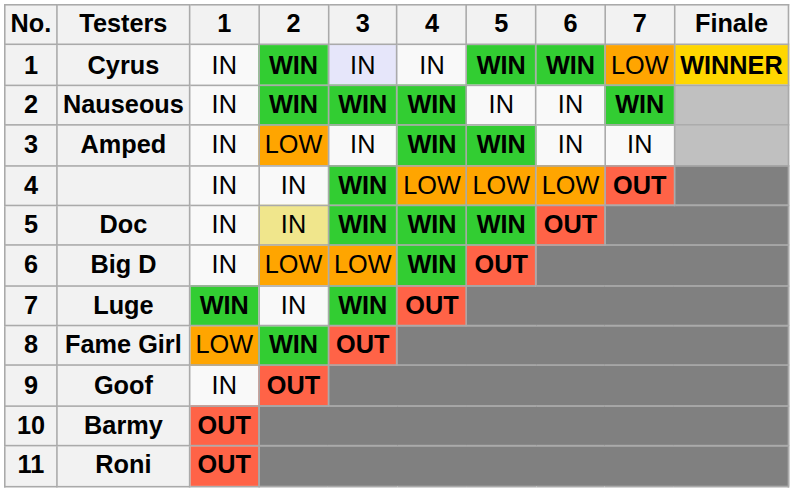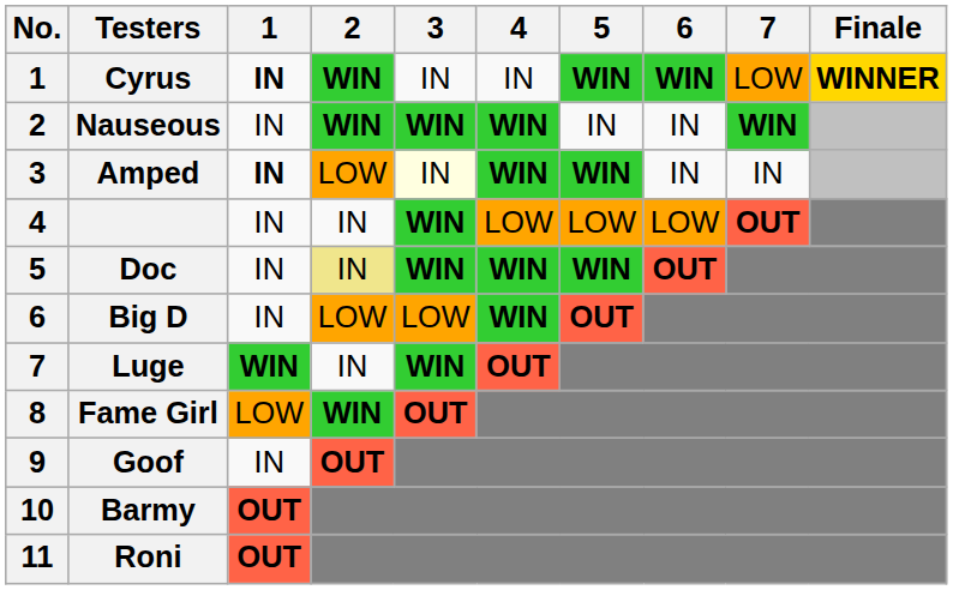 <table class="wikitable" style="text-align:center" align="center">
 <tr>
 <th>No.</th>
 <th>Testers</th>
 <th>1</th>
 <th>2</th>
 <th>3</th>
 <th>4</th>
 <th>5</th>
 <th>6</th>
 <th>7</th>
 <th>Finale</th>
 </tr>
 <tr>
 <th>1</th>
 <th>Cyrus</th>
+<td><strong>IN</strong></td>
+<td style="background:limegreen;"><strong>WIN</strong></td>
 <td>IN</td>
-<td style="background:limegreen;"><strong>WIN</strong></td>
-<td style="background: lavender;">IN</td>
 <td>IN</td>
 <td style="background:limegreen;"><strong>WIN</strong></td>
 <td style="background:limegreen;"><strong>WIN</strong></td>
 <td style="background:orange;">LOW</td>
 <td style="background:gold;"><strong>WINNER</strong></td>
 </tr>
 <tr>
 <th>2</th>
 <th>Nauseous</th>
 <td>IN</td>
 <td style="background:limegreen;"><strong>WIN</strong></td>
 <td style="background:limegreen;"><strong>WIN</strong></td>
 <td style="background:limegreen;"><strong>WIN</strong></td>
 <td>IN</td>
 <td>IN</td>
 <td style="background:limegreen;"><strong>WIN</strong></td>
 <td style="background:silver;"><strong></strong></td>
 </tr>
 <tr>
 <th>3</th>
 <th>Amped</th>
-<td>IN</td>
+<td><strong>IN</strong></td>
 <td style="background:orange;">LOW</td>
-<td>IN</td>
+<td style="background: lightyellow;">IN</td>
 <td style="background:limegreen;"><strong>WIN</strong></td>
 <td style="background:limegreen;"><strong>WIN</strong></td>
 <td>IN</td>
 <td>IN</td>
 <td style="background:silver;"><strong></strong></td>
 </tr>
 <tr>
 <th>4</th>
 <th></th>
 <td>IN</td>
 <td>IN</td>
 <td style="background:limegreen;"><strong>WIN</strong></td>
 <td style="background:orange;">LOW</td>
 <td style="background:orange;">LOW</td>
 <td style="background:orange;">LOW</td>
 <td style="background:tomato;"><strong>OUT</strong></td>
 <td colspan="2" style="background:gray;"></td>
 </tr>
 <tr>
 <th>5</th>
 <th>Doc</th>
 <td>IN</td>
 <td style="background: khaki;">IN</td>
 <td style="background:limegreen;"><strong>WIN</strong></td>
 <td style="background:limegreen;"><strong>WIN</strong></td>
 <td style="background:limegreen;"><strong>WIN</strong></td>
 <td style="background:tomato;"><strong>OUT</strong></td>
 <td colspan="3" style="background:gray;"></td>
 </tr>
 <tr>
 <th>6</th>
 <th>Big D</th>
 <td>IN</td>
 <td style="background:orange;">LOW</td>
 <td style="background:orange;">LOW</td>
 <td style="background:limegreen;"><strong>WIN</strong></td>
 <td style="background:tomato;"><strong>OUT</strong></td>
 <td colspan="4" style="background:gray;"></td>
 </tr>
 <tr>
 <th>7</th>
 <th>Luge</th>
 <td style="background:limegreen;"><strong>WIN</strong></td>
 <td>IN</td>
 <td style="background:limegreen;"><strong>WIN</strong></td>
 <td style="background:tomato;"><strong>OUT</strong></td>
 <td colspan="5" style="background:gray;"></td>
 </tr>
 <tr>
 <th>8</th>
 <th>Fame Girl</th>
 <td style="background:orange;">LOW</td>
 <td style="background:limegreen;"><strong>WIN</strong></td>
 <td style="background:tomato;"><strong>OUT</strong></td>
 <td colspan="6" style="background:gray;"></td>
 </tr>
 <tr>
 <th>9</th>
 <th>Goof</th>
 <td>IN</td>
 <td style="background:tomato;"><strong>OUT</strong></td>
 <td colspan="6" style="background:gray;"></td>
 </tr>
 <tr>
 <th>10</th>
 <th>Barmy</th>
 <td style="background: tomato;"><strong>OUT</strong></td>
 <td colspan="8" style="background:gray;"></td>
 </tr>
 <tr>
 <th>11</th>
 <th>Roni</th>
 <td style="background: tomato;"><strong>OUT</strong></td>
 <td colspan="8"  style="background:gray;"></td>
 </tr>
 </table>
